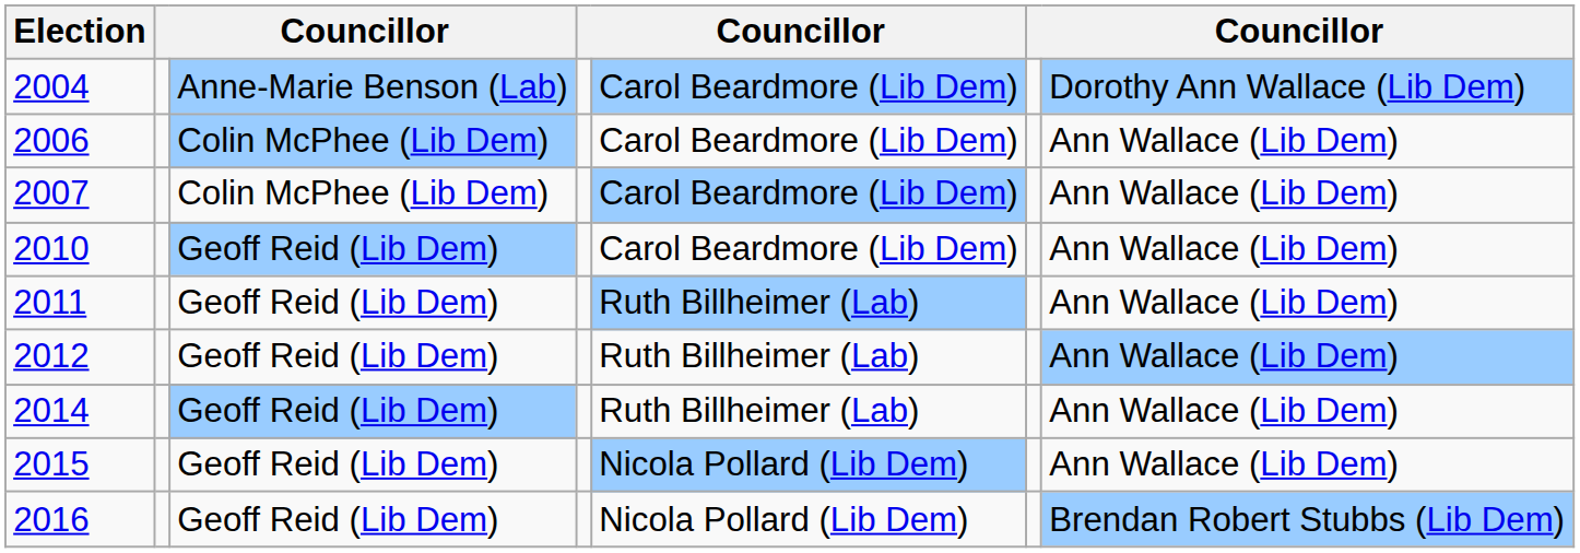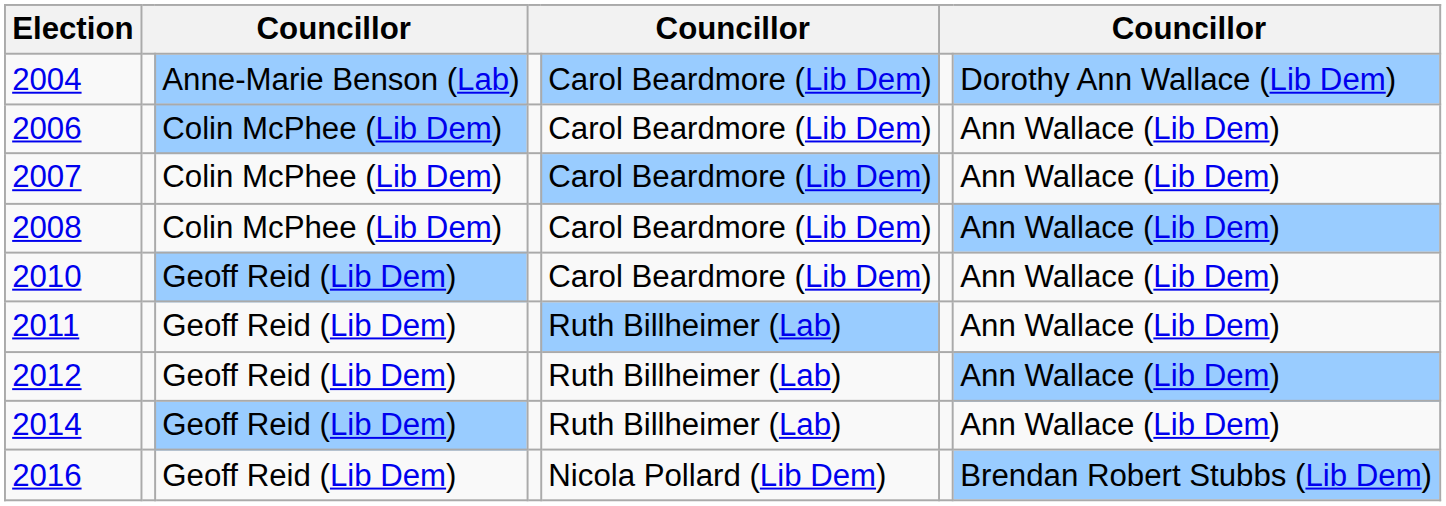 <table class="wikitable">
 <tr>
 <th>Election</th>
 <th colspan="2">Councillor</th>
 <th colspan="2">Councillor</th>
 <th colspan="2">Councillor</th>
 </tr>
 <tr>
 <td><a href='#'>2004</a></td>
 <td style="background-color: "></td>
 <td bgcolor="#99CCFF">Anne-Marie Benson (<a href='#'>Lab</a>)</td>
 <td style="background-color: "></td>
 <td bgcolor="#99CCFF">Carol Beardmore (<a href='#'>Lib Dem</a>)</td>
 <td style="background-color: "></td>
 <td bgcolor="#99CCFF">Dorothy Ann Wallace (<a href='#'>Lib Dem</a>)</td>
 </tr>
 <tr>
 <td><a href='#'>2006</a></td>
 <td style="background-color: "></td>
 <td bgcolor="#99CCFF">Colin McPhee (<a href='#'>Lib Dem</a>)</td>
 <td style="background-color: "></td>
 <td>Carol Beardmore (<a href='#'>Lib Dem</a>)</td>
 <td style="background-color: "></td>
 <td>Ann Wallace (<a href='#'>Lib Dem</a>)</td>
 </tr>
 <tr>
 <td><a href='#'>2007</a></td>
 <td style="background-color: "></td>
 <td>Colin McPhee (<a href='#'>Lib Dem</a>)</td>
 <td style="background-color: "></td>
 <td bgcolor="#99CCFF">Carol Beardmore (<a href='#'>Lib Dem</a>)</td>
 <td style="background-color: "></td>
 <td>Ann Wallace (<a href='#'>Lib Dem</a>)</td>
+</tr>
+<tr>
+<td><a href='#'>2008</a></td>
+<td style="background-color: "></td>
+<td>Colin McPhee (<a href='#'>Lib Dem</a>)</td>
+<td style="background-color: "></td>
+<td>Carol Beardmore (<a href='#'>Lib Dem</a>)</td>
+<td style="background-color: "></td>
+<td bgcolor="#99CCFF">Ann Wallace (<a href='#'>Lib Dem</a>)</td>
 </tr>
 <tr>
 <td><a href='#'>2010</a></td>
 <td style="background-color: "></td>
 <td bgcolor="#99CCFF">Geoff Reid (<a href='#'>Lib Dem</a>)</td>
 <td style="background-color: "></td>
 <td>Carol Beardmore (<a href='#'>Lib Dem</a>)</td>
 <td style="background-color: "></td>
 <td>Ann Wallace (<a href='#'>Lib Dem</a>)</td>
 </tr>
 <tr>
 <td><a href='#'>2011</a></td>
 <td style="background-color: "></td>
 <td>Geoff Reid (<a href='#'>Lib Dem</a>)</td>
 <td style="background-color: "></td>
 <td bgcolor="#99CCFF">Ruth Billheimer (<a href='#'>Lab</a>)</td>
 <td style="background-color: "></td>
 <td>Ann Wallace (<a href='#'>Lib Dem</a>)</td>
 </tr>
 <tr>
 <td><a href='#'>2012</a></td>
 <td style="background-color: "></td>
 <td>Geoff Reid (<a href='#'>Lib Dem</a>)</td>
 <td style="background-color: "></td>
 <td>Ruth Billheimer (<a href='#'>Lab</a>)</td>
 <td style="background-color: "></td>
 <td bgcolor="#99CCFF">Ann Wallace (<a href='#'>Lib Dem</a>)</td>
 </tr>
 <tr>
 <td><a href='#'>2014</a></td>
 <td style="background-color: "></td>
 <td bgcolor="#99CCFF">Geoff Reid (<a href='#'>Lib Dem</a>)</td>
 <td style="background-color: "></td>
 <td>Ruth Billheimer (<a href='#'>Lab</a>)</td>
 <td style="background-color: "></td>
 <td>Ann Wallace (<a href='#'>Lib Dem</a>)</td>
 </tr>
 <tr>
-<td><a href='#'>2015</a></td>
-<td style="background-color: "></td>
-<td>Geoff Reid (<a href='#'>Lib Dem</a>)</td>
-<td style="background-color: "></td>
-<td bgcolor="#99CCFF">Nicola Pollard (<a href='#'>Lib Dem</a>)</td>
-<td style="background-color: "></td>
-<td>Ann Wallace (<a href='#'>Lib Dem</a>)</td>
-</tr>
-<tr>
 <td><a href='#'>2016</a></td>
 <td style="background-color: "></td>
 <td>Geoff Reid (<a href='#'>Lib Dem</a>)</td>
 <td style="background-color: "></td>
 <td>Nicola Pollard (<a href='#'>Lib Dem</a>)</td>
 <td style="background-color: "></td>
 <td bgcolor="#99CCFF">Brendan Robert Stubbs (<a href='#'>Lib Dem</a>)</td>
 </tr>
 </table>
